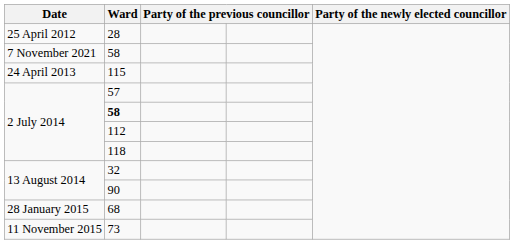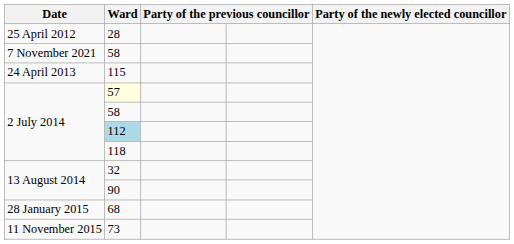 <table class="wikitable">
 <tr>
 <th>Date</th>
 <th>Ward</th>
 <th colspan=2>Party of the previous councillor</th>
 <th colspan=2>Party of the newly elected councillor</th>
 </tr>
 <tr>
 <td>25 April 2012</td>
 <td>28</td>
 <td></td>
 <td></td>
 </tr>
 <tr>
 <td>7 November 2021</td>
 <td>58</td>
 <td></td>
 <td></td>
 </tr>
 <tr>
 <td>24 April 2013</td>
 <td>115</td>
 <td></td>
 <td></td>
 </tr>
 <tr>
 <td rowspan=4>2 July 2014</td>
-<td>57</td>
+<td style="background: lightyellow;">57</td>
 <td></td>
 <td></td>
 </tr>
 <tr>
-<td><strong>58</strong></td>
+<td>58</td>
 <td></td>
 <td></td>
 </tr>
 <tr>
-<td>112</td>
+<td style="background: lightblue;">112</td>
 <td></td>
 <td></td>
 </tr>
 <tr>
 <td>118</td>
 <td></td>
 <td></td>
 </tr>
 <tr>
 <td rowspan=2>13 August 2014</td>
 <td>32</td>
 <td></td>
 <td></td>
 </tr>
 <tr>
 <td>90</td>
 <td></td>
 <td></td>
 </tr>
 <tr>
 <td>28 January 2015</td>
 <td>68</td>
 <td></td>
 <td></td>
 </tr>
 <tr>
 <td>11 November 2015</td>
 <td>73</td>
 <td></td>
 <td></td>
 </tr>
 </table>
